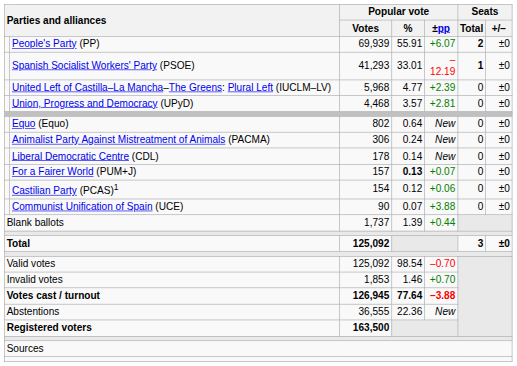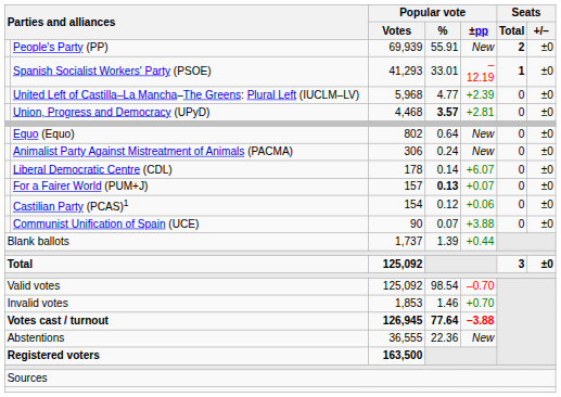 <table class="wikitable" style="text-align:right;">
 <tr>
 <th style="text-align:left;" rowspan="2" colspan="2" width="525">Parties and alliances</th>
 <th colspan="3">Popular vote</th>
 <th colspan="2">Seats</th>
 </tr>
 <tr>
 <th width="75">Votes</th>
 <th width="45">%</th>
 <th width="45">±<a href='#'>pp</a></th>
 <th width="35">Total</th>
 <th width="35">+/−</th>
 </tr>
 <tr>
 <td width="1" style="color:inherit;background:"></td>
 <td align="left"><a href='#'>People's Party</a> (PP)</td>
 <td>69,939</td>
 <td>55.91</td>
-<td style="color:green;">+6.07</td>
+<td><em>New</em></td>
 <td><strong>2</strong></td>
 <td>±0</td>
 </tr>
 <tr>
 <td style="color:inherit;background:"></td>
 <td align="left"><a href='#'>Spanish Socialist Workers' Party</a> (PSOE)</td>
 <td>41,293</td>
 <td>33.01</td>
 <td style="color:red;">–12.19</td>
 <td><strong>1</strong></td>
 <td>±0</td>
 </tr>
 <tr>
 <td style="color:inherit;background:"></td>
 <td align="left"><a href='#'>United Left of Castilla–La Mancha</a>–<a href='#'>The Greens</a>: <a href='#'>Plural Left</a> (IUCLM–LV)</td>
 <td>5,968</td>
 <td>4.77</td>
 <td style="color:green;">+2.39</td>
 <td>0</td>
 <td>±0</td>
 </tr>
 <tr>
 <td style="color:inherit;background:"></td>
 <td align="left"><a href='#'>Union, Progress and Democracy</a> (UPyD)</td>
 <td>4,468</td>
-<td>3.57</td>
+<td><strong>3.57</strong></td>
 <td style="color:green;">+2.81</td>
 <td>0</td>
 <td>±0</td>
 </tr>
 <tr>
 <td colspan="7" bgcolor="#C0C0C0"></td>
 </tr>
 <tr>
 <td style="color:inherit;background:"></td>
 <td align="left"><a href='#'>Equo</a> (Equo)</td>
 <td>802</td>
 <td>0.64</td>
 <td><em>New</em></td>
 <td>0</td>
 <td>±0</td>
 </tr>
 <tr>
 <td style="color:inherit;background:"></td>
 <td align="left"><a href='#'>Animalist Party Against Mistreatment of Animals</a> (PACMA)</td>
 <td>306</td>
 <td>0.24</td>
 <td><em>New</em></td>
 <td>0</td>
 <td>±0</td>
 </tr>
 <tr>
 <td style="color:inherit;background:"></td>
 <td align="left"><a href='#'>Liberal Democratic Centre</a> (CDL)</td>
 <td>178</td>
 <td>0.14</td>
-<td><em>New</em></td>
+<td style="color:green;">+6.07</td>
 <td>0</td>
 <td>±0</td>
 </tr>
 <tr>
 <td style="color:inherit;background:"></td>
 <td align="left"><a href='#'>For a Fairer World</a> (PUM+J)</td>
 <td>157</td>
 <td><strong>0.13</strong></td>
 <td style="color:green;">+0.07</td>
 <td>0</td>
 <td>±0</td>
 </tr>
 <tr>
 <td style="color:inherit;background:"></td>
 <td align="left"><a href='#'>Castilian Party</a> (PCAS)<sup>1</sup></td>
 <td>154</td>
 <td>0.12</td>
 <td style="color:green;">+0.06</td>
 <td>0</td>
 <td>±0</td>
 </tr>
 <tr>
 <td style="color:inherit;background:"></td>
 <td align="left"><a href='#'>Communist Unification of Spain</a> (UCE)</td>
 <td>90</td>
 <td>0.07</td>
 <td style="color:green;">+3.88</td>
 <td>0</td>
 <td>±0</td>
 </tr>
 <tr>
 <td align="left" colspan="2">Blank ballots</td>
 <td>1,737</td>
 <td>1.39</td>
 <td style="color:green;">+0.44</td>
 <td bgcolor="#E9E9E9" colspan="2"></td>
 </tr>
 <tr>
 <td colspan="7" bgcolor="#E9E9E9"></td>
 </tr>
 <tr style="font-weight:bold;">
 <td align="left" colspan="2">Total</td>
 <td>125,092</td>
 <td bgcolor="#E9E9E9" colspan="2"></td>
 <td>3</td>
 <td>±0</td>
 </tr>
 <tr>
 <td colspan="7" bgcolor="#E9E9E9"></td>
 </tr>
 <tr>
 <td align="left" colspan="2">Valid votes</td>
 <td>125,092</td>
 <td>98.54</td>
 <td style="color:red;">–0.70</td>
 <td bgcolor="#E9E9E9" colspan="2" rowspan="5"></td>
 </tr>
 <tr>
 <td align="left" colspan="2">Invalid votes</td>
 <td>1,853</td>
 <td>1.46</td>
 <td style="color:green;">+0.70</td>
 </tr>
 <tr style="font-weight:bold;">
 <td align="left" colspan="2">Votes cast / turnout</td>
 <td>126,945</td>
 <td>77.64</td>
 <td style="color:red;">–3.88</td>
 </tr>
 <tr>
 <td align="left" colspan="2">Abstentions</td>
 <td>36,555</td>
 <td>22.36</td>
 <td><em>New</em></td>
 </tr>
 <tr style="font-weight:bold;">
 <td align="left" colspan="2">Registered voters</td>
 <td>163,500</td>
 <td bgcolor="#E9E9E9" colspan="2"></td>
 </tr>
 <tr>
 <td colspan="7" bgcolor="#E9E9E9"></td>
 </tr>
 <tr>
 <td align="left" colspan="7">Sources</td>
 </tr>
 <tr>
 <td colspan="7" style="text-align:left; max-width:790px;"></td>
 </tr>
 </table>
